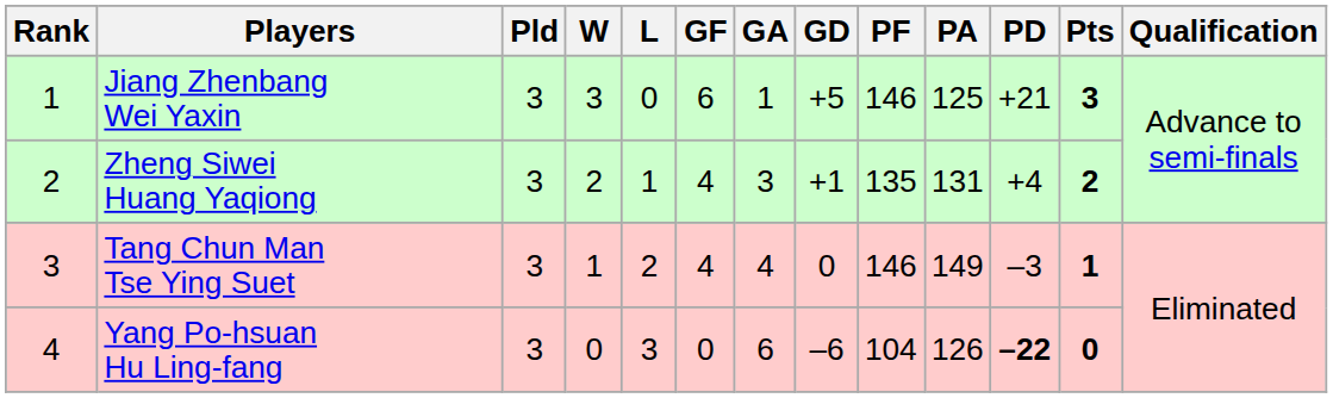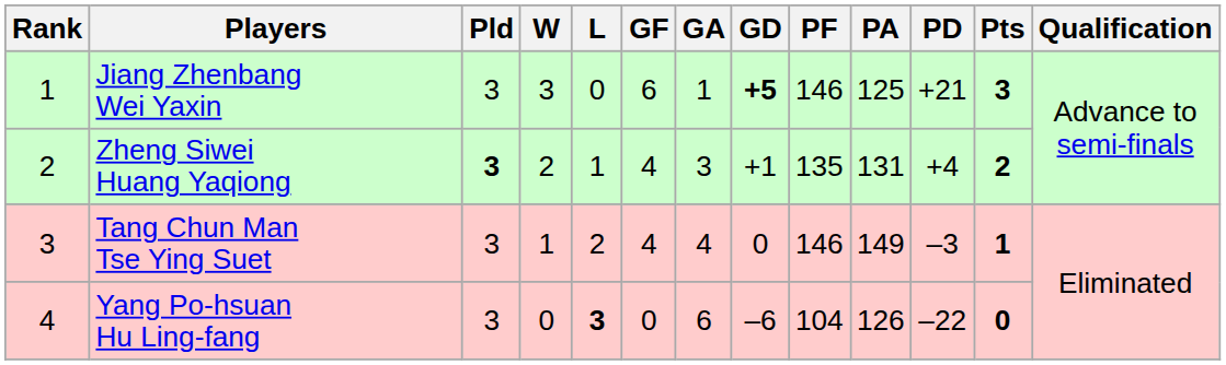 <table class="wikitable" style="font-size:90%; text-align:center">
 <tr>
 <th width="20">Rank</th>
 <th width="200">Players</th>
 <th width="20">Pld</th>
 <th width="20">W</th>
 <th width="20">L</th>
 <th width="20">GF</th>
 <th width="20">GA</th>
 <th width="20">GD</th>
 <th width="20">PF</th>
 <th width="20">PA</th>
 <th width="20">PD</th>
 <th width="20">Pts</th>
 <th width="20">Qualification</th>
 </tr>
 <tr style="background:#ccffcc">
 <td>1</td>
 <td style="text-align:left"> <a href='#'>Jiang Zhenbang</a><br> <a href='#'>Wei Yaxin</a></td>
 <td>3</td>
 <td>3</td>
 <td>0</td>
 <td>6</td>
 <td>1</td>
-<td>+5</td>
+<td><strong>+5</strong></td>
 <td>146</td>
 <td>125</td>
 <td>+21</td>
 <td><strong>3</strong></td>
 <td rowspan="2">Advance to <a href='#'>semi-finals</a></td>
 </tr>
 <tr style="background:#ccffcc">
 <td>2</td>
 <td style="text-align:left"> <a href='#'>Zheng Siwei</a><br> <a href='#'>Huang Yaqiong</a></td>
-<td>3</td>
+<td><strong>3</strong></td>
 <td>2</td>
 <td>1</td>
 <td>4</td>
 <td>3</td>
 <td>+1</td>
 <td>135</td>
 <td>131</td>
 <td>+4</td>
 <td><strong>2</strong></td>
 </tr>
 <tr style="background:#ffcccc">
 <td>3</td>
 <td style="text-align:left"> <a href='#'>Tang Chun Man</a><br> <a href='#'>Tse Ying Suet</a></td>
 <td>3</td>
 <td>1</td>
 <td>2</td>
 <td>4</td>
 <td>4</td>
 <td>0</td>
 <td>146</td>
 <td>149</td>
 <td>–3</td>
 <td><strong>1</strong></td>
 <td rowspan="2">Eliminated</td>
 </tr>
 <tr style="background:#ffcccc">
 <td>4</td>
 <td style="text-align:left"> <a href='#'>Yang Po-hsuan</a><br> <a href='#'>Hu Ling-fang</a></td>
 <td>3</td>
 <td>0</td>
-<td>3</td>
+<td><strong>3</strong></td>
 <td>0</td>
 <td>6</td>
 <td>–6</td>
 <td>104</td>
 <td>126</td>
-<td><strong>–22</strong></td>
+<td>–22</td>
 <td><strong>0</strong></td>
 </tr>
 </table>
